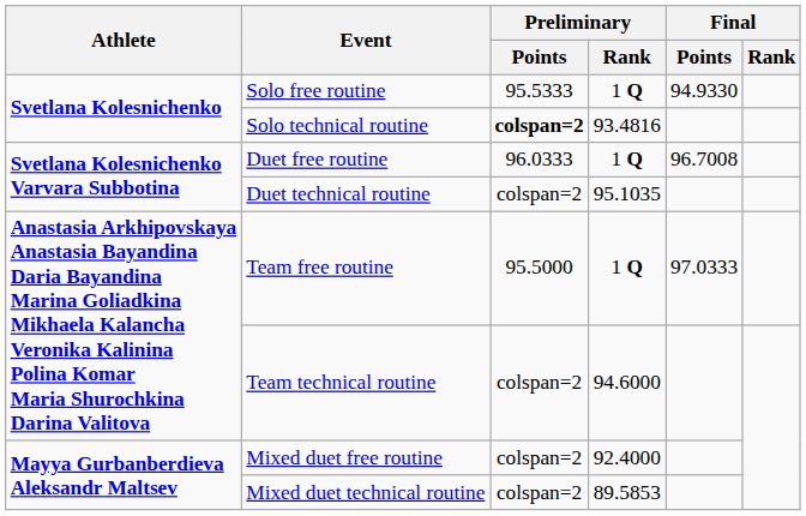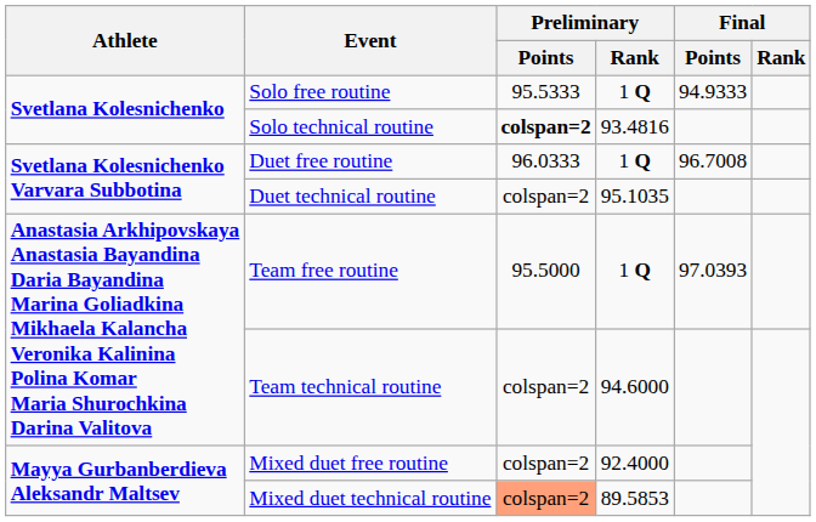 <table class="wikitable" border="1" style="font-size:90%; text-align:center">
 <tr>
 <th rowspan="2">Athlete</th>
 <th rowspan="2">Event</th>
 <th colspan="2">Preliminary</th>
 <th colspan="2">Final</th>
 </tr>
 <tr>
 <th>Points</th>
 <th>Rank</th>
 <th>Points</th>
 <th>Rank</th>
 </tr>
 <tr align=center>
 <td align=left rowspan=2><strong><a href='#'>Svetlana Kolesnichenko</a></strong></td>
 <td align=left><a href='#'>Solo free routine</a></td>
 <td>95.5333</td>
 <td>1 <strong>Q</strong></td>
-<td>94.9330</td>
+<td>94.9333</td>
 <td></td>
 </tr>
 <tr align=center>
 <td align=left><a href='#'>Solo technical routine</a></td>
 <td><strong>colspan=2 </strong></td>
 <td>93.4816</td>
 <td></td>
 </tr>
 <tr align=center>
 <td align=left rowspan=2><strong><a href='#'>Svetlana Kolesnichenko</a><br><a href='#'>Varvara Subbotina</a></strong></td>
 <td align=left><a href='#'>Duet free routine</a></td>
 <td>96.0333</td>
 <td>1 <strong>Q</strong></td>
 <td>96.7008</td>
 <td></td>
 </tr>
 <tr align=center>
 <td align=left><a href='#'>Duet technical routine</a></td>
 <td>colspan=2 </td>
 <td>95.1035</td>
 <td></td>
 </tr>
 <tr align=center>
 <td align=left rowspan=2><strong><a href='#'>Anastasia Arkhipovskaya</a><br><a href='#'>Anastasia Bayandina</a><br><a href='#'>Daria Bayandina</a><br><a href='#'>Marina Goliadkina</a><br><a href='#'>Mikhaela Kalancha</a><br><a href='#'>Veronika Kalinina</a><br><a href='#'>Polina Komar</a><br><a href='#'>Maria Shurochkina</a><br><a href='#'>Darina Valitova</a></strong></td>
 <td align=left><a href='#'>Team free routine</a></td>
 <td>95.5000</td>
 <td>1 <strong>Q</strong></td>
-<td>97.0333</td>
+<td>97.0393</td>
 <td></td>
 </tr>
 <tr align=center>
 <td align=left><a href='#'>Team technical routine</a></td>
 <td>colspan=2 </td>
 <td>94.6000</td>
 <td></td>
 </tr>
 <tr align=center>
 <td align=left rowspan=2><strong><a href='#'>Mayya Gurbanberdieva</a><br><a href='#'>Aleksandr Maltsev</a></strong></td>
 <td align=left><a href='#'>Mixed duet free routine</a></td>
 <td>colspan=2 </td>
 <td>92.4000</td>
 <td></td>
 </tr>
 <tr align=center>
 <td align=left><a href='#'>Mixed duet technical routine</a></td>
-<td>colspan=2 </td>
+<td style="background: lightsalmon;">colspan=2 </td>
 <td>89.5853</td>
 <td></td>
 </tr>
 </table>
